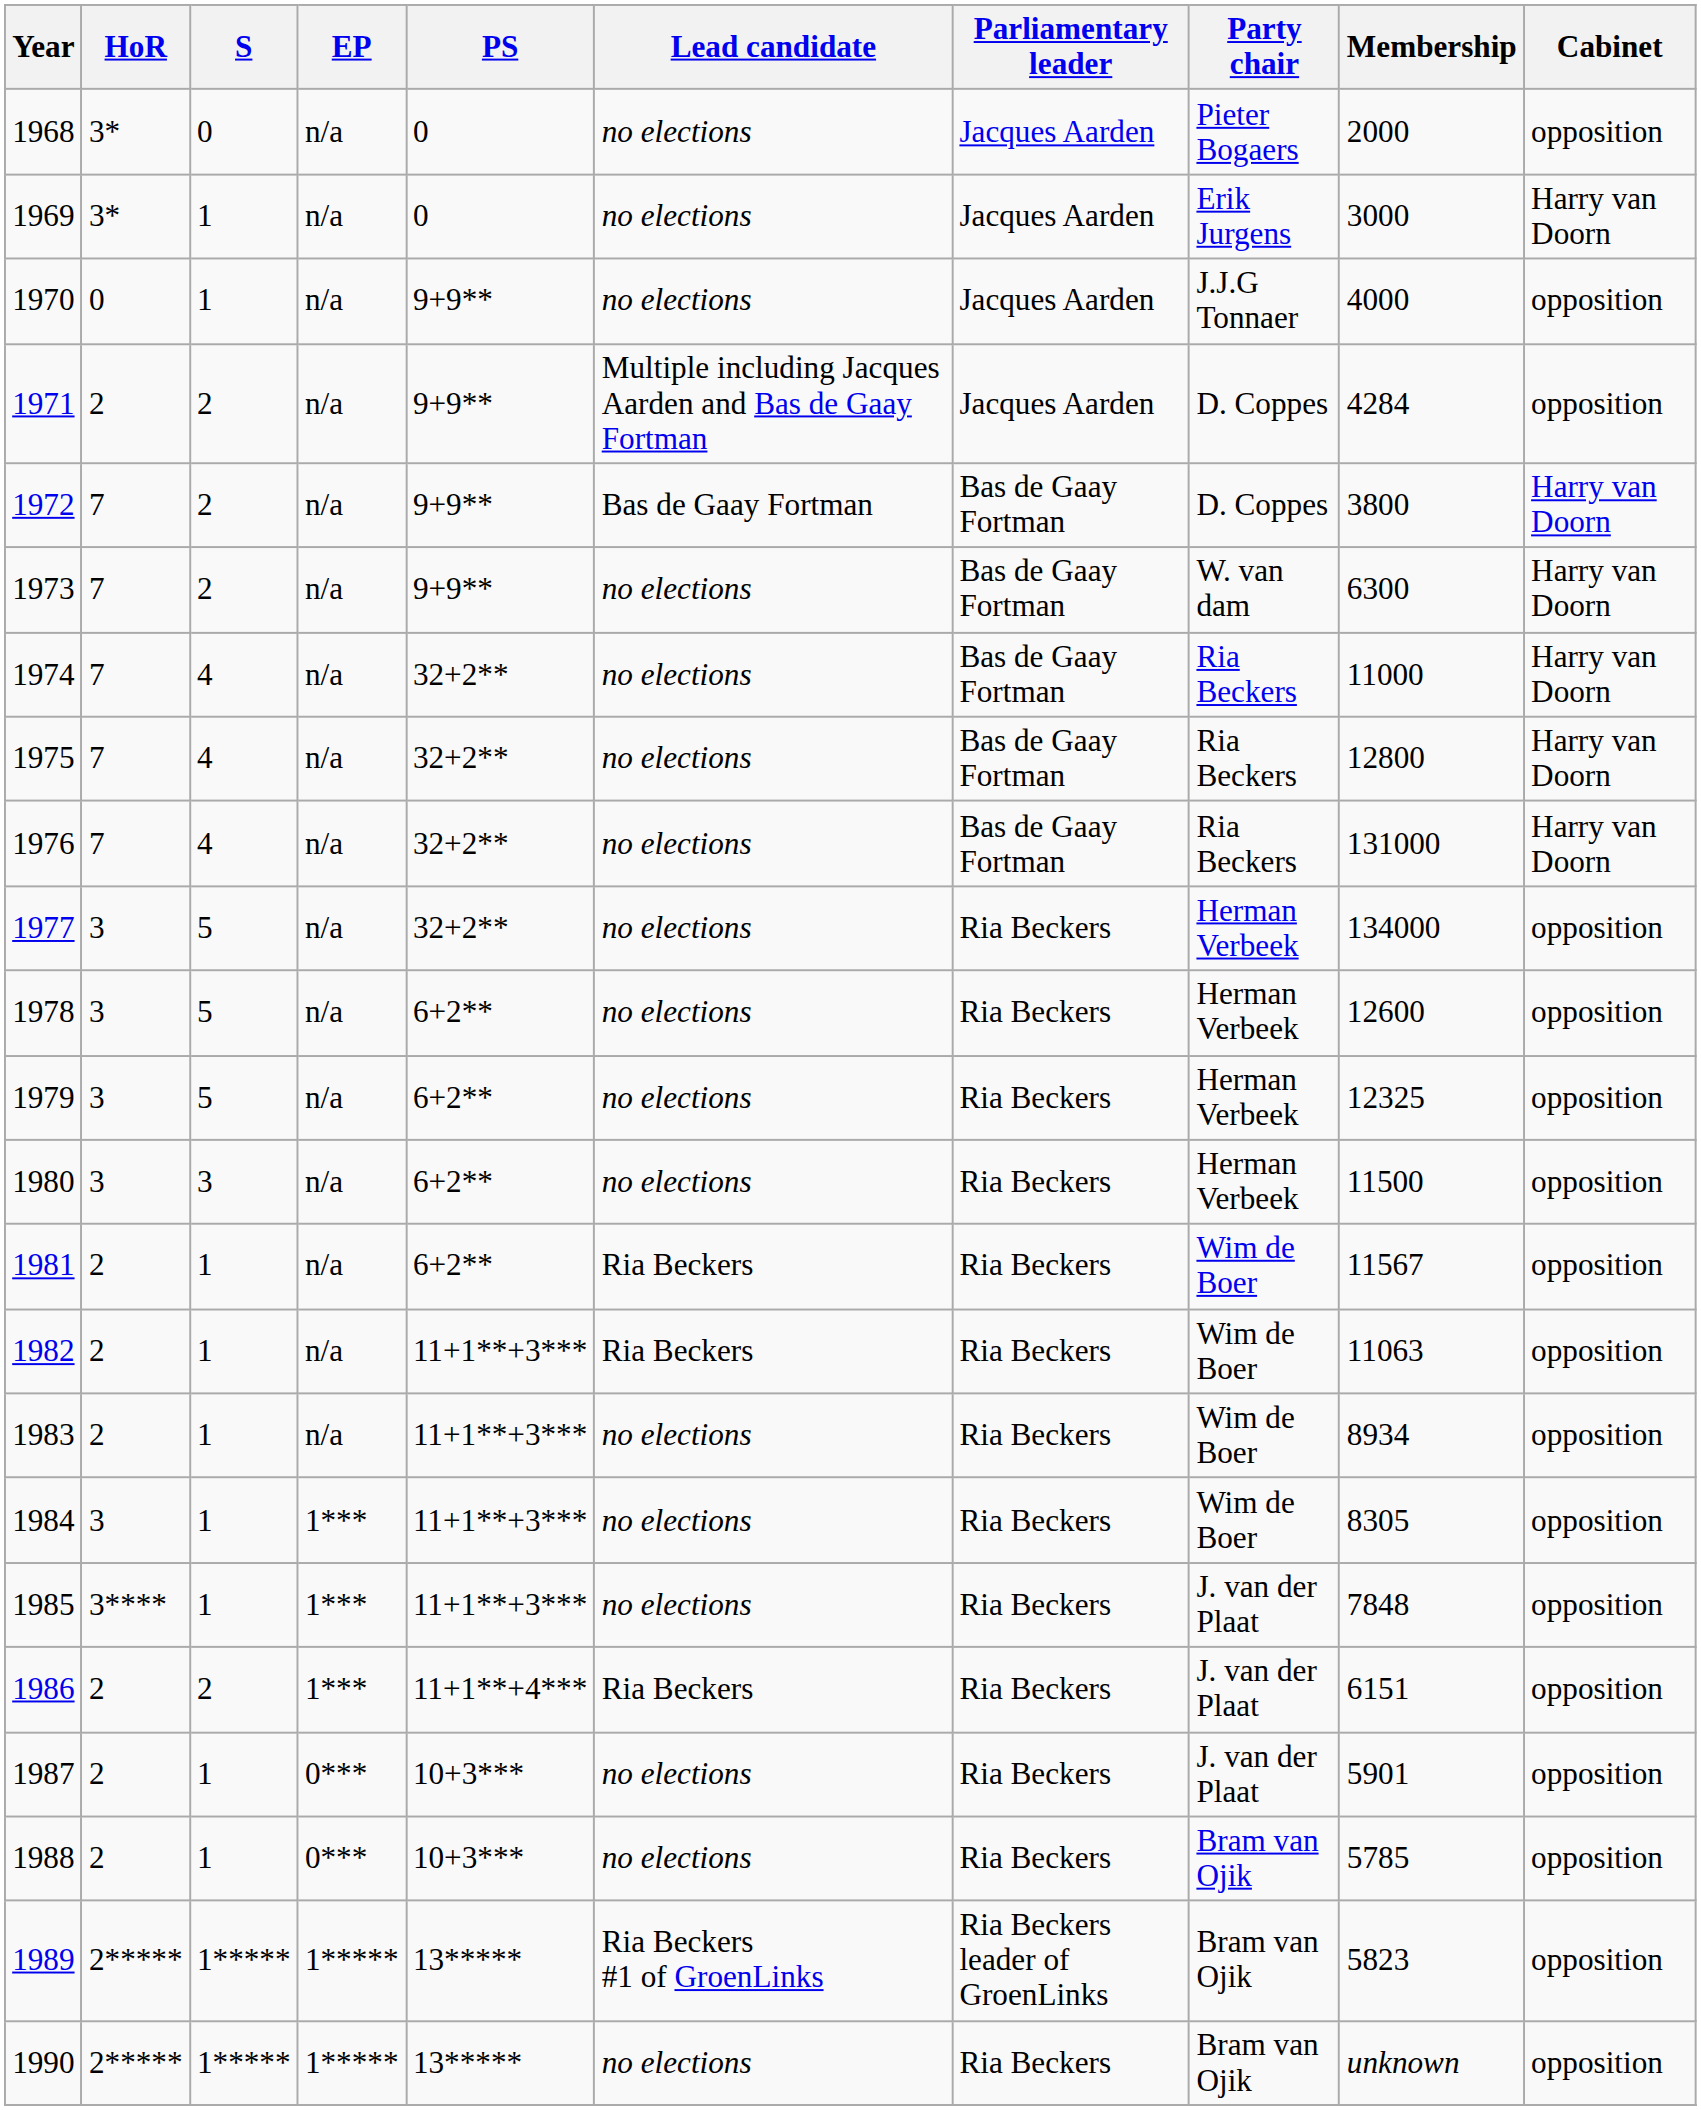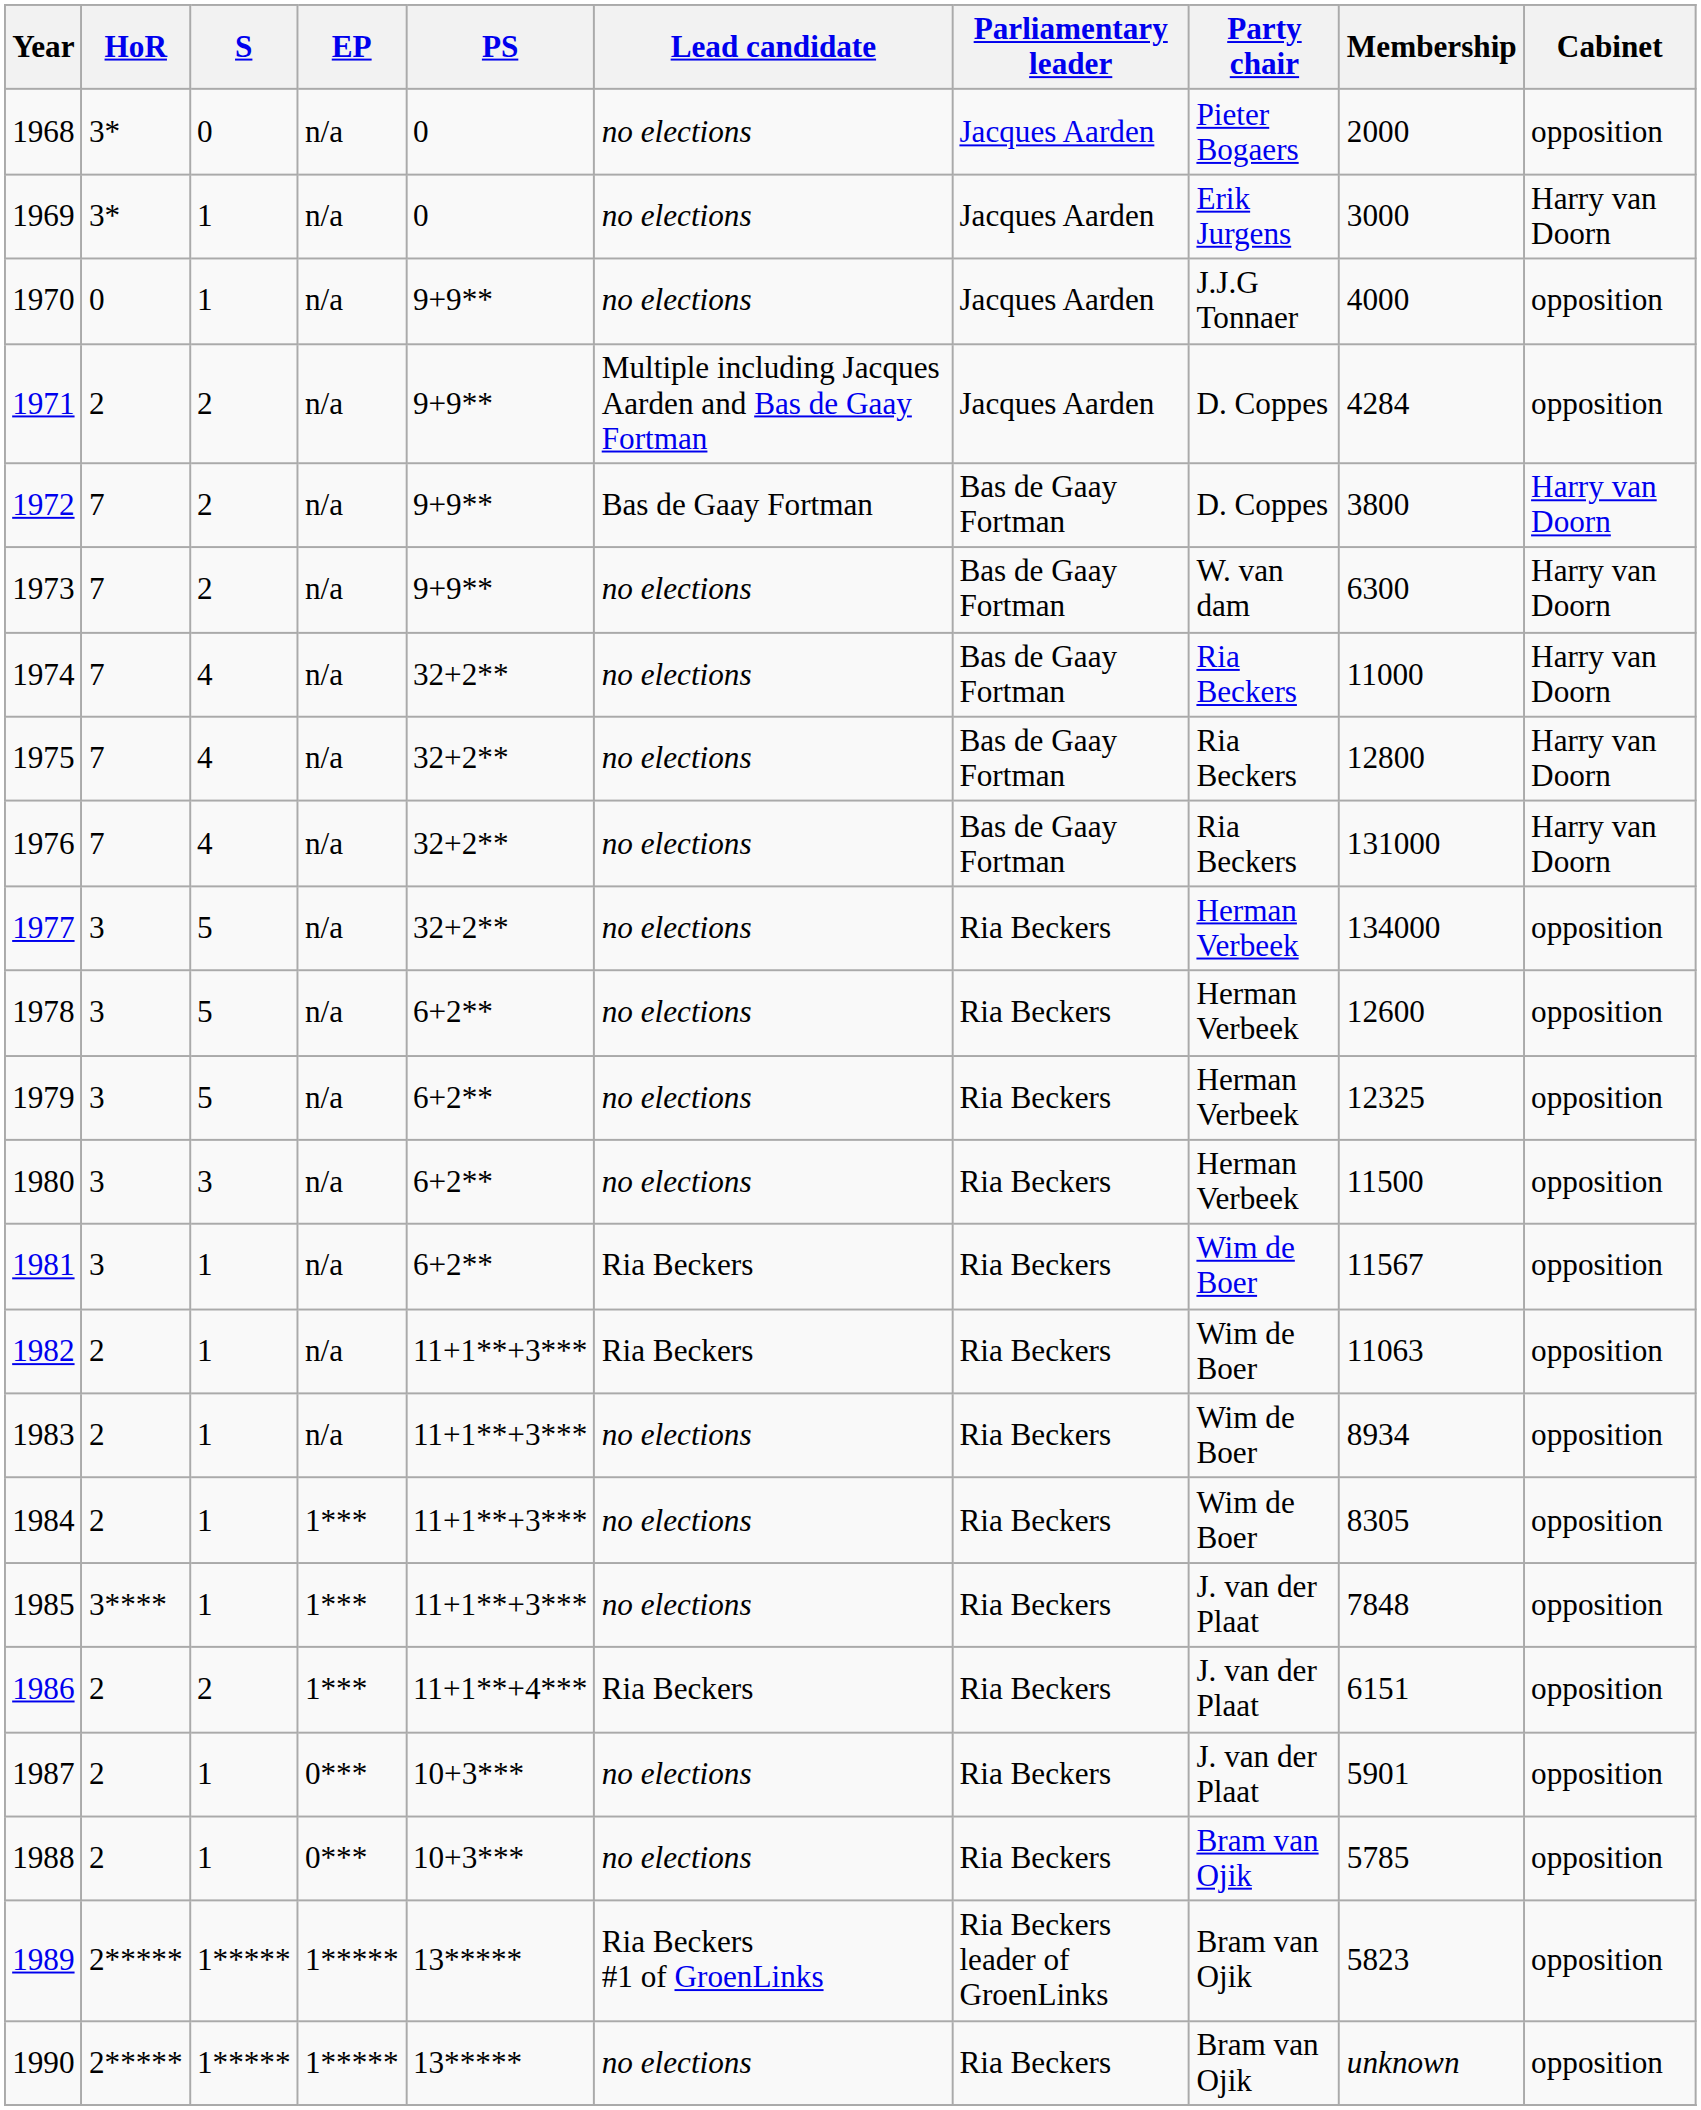 <table class="wikitable">
 <tr>
 <th>Year</th>
 <th><a href='#'>HoR</a></th>
 <th><a href='#'>S</a></th>
 <th><a href='#'>EP</a></th>
 <th><a href='#'>PS</a></th>
 <th><a href='#'>Lead candidate</a></th>
 <th><a href='#'>Parliamentary leader</a></th>
 <th><a href='#'>Party chair</a></th>
 <th>Membership</th>
 <th>Cabinet</th>
 </tr>
 <tr>
 <td>1968</td>
 <td>3*</td>
 <td>0</td>
 <td>n/a</td>
 <td>0</td>
 <td><em>no elections</em></td>
 <td><a href='#'>Jacques Aarden</a></td>
 <td><a href='#'>Pieter Bogaers</a></td>
 <td>2000</td>
 <td>opposition</td>
 </tr>
 <tr>
 <td>1969</td>
 <td>3*</td>
 <td>1</td>
 <td>n/a</td>
 <td>0</td>
 <td><em>no elections</em></td>
 <td>Jacques Aarden</td>
 <td><a href='#'>Erik Jurgens</a></td>
 <td>3000</td>
 <td>Harry van Doorn</td>
 </tr>
 <tr>
 <td>1970</td>
 <td>0</td>
 <td>1</td>
 <td>n/a</td>
 <td>9+9**</td>
 <td><em>no elections</em></td>
 <td>Jacques Aarden</td>
 <td>J.J.G Tonnaer</td>
 <td>4000</td>
 <td>opposition</td>
 </tr>
 <tr>
 <td><a href='#'>1971</a></td>
 <td>2</td>
 <td>2</td>
 <td>n/a</td>
 <td>9+9**</td>
 <td>Multiple including Jacques Aarden and <a href='#'>Bas de Gaay Fortman</a></td>
 <td>Jacques Aarden</td>
 <td>D. Coppes</td>
 <td>4284</td>
 <td>opposition</td>
 </tr>
 <tr>
 <td><a href='#'>1972</a></td>
 <td>7</td>
 <td>2</td>
 <td>n/a</td>
 <td>9+9**</td>
 <td>Bas de Gaay Fortman</td>
 <td>Bas de Gaay Fortman</td>
 <td>D. Coppes</td>
 <td>3800</td>
 <td><a href='#'>Harry van Doorn</a></td>
 </tr>
 <tr>
 <td>1973</td>
 <td>7</td>
 <td>2</td>
 <td>n/a</td>
 <td>9+9**</td>
 <td><em>no elections</em></td>
 <td>Bas de Gaay Fortman</td>
 <td>W. van dam</td>
 <td>6300</td>
 <td>Harry van Doorn</td>
 </tr>
 <tr>
 <td>1974</td>
 <td>7</td>
 <td>4</td>
 <td>n/a</td>
 <td>32+2**</td>
 <td><em>no elections</em></td>
 <td>Bas de Gaay Fortman</td>
 <td><a href='#'>Ria Beckers</a></td>
 <td>11000</td>
 <td>Harry van Doorn</td>
 </tr>
 <tr>
 <td>1975</td>
 <td>7</td>
 <td>4</td>
 <td>n/a</td>
 <td>32+2**</td>
 <td><em>no elections</em></td>
 <td>Bas de Gaay Fortman</td>
 <td>Ria Beckers</td>
 <td>12800</td>
 <td>Harry van Doorn</td>
 </tr>
 <tr>
 <td>1976</td>
 <td>7</td>
 <td>4</td>
 <td>n/a</td>
 <td>32+2**</td>
 <td><em>no elections</em></td>
 <td>Bas de Gaay Fortman</td>
 <td>Ria Beckers</td>
 <td>131000</td>
 <td>Harry van Doorn</td>
 </tr>
 <tr>
 <td><a href='#'>1977</a></td>
 <td>3</td>
 <td>5</td>
 <td>n/a</td>
 <td>32+2**</td>
 <td><em>no elections</em></td>
 <td>Ria Beckers</td>
 <td><a href='#'>Herman Verbeek</a></td>
 <td>134000</td>
 <td>opposition</td>
 </tr>
 <tr>
 <td>1978</td>
 <td>3</td>
 <td>5</td>
 <td>n/a</td>
 <td>6+2**</td>
 <td><em>no elections</em></td>
 <td>Ria Beckers</td>
 <td>Herman Verbeek</td>
 <td>12600</td>
 <td>opposition</td>
 </tr>
 <tr>
 <td>1979</td>
 <td>3</td>
 <td>5</td>
 <td>n/a</td>
 <td>6+2**</td>
 <td><em>no elections</em></td>
 <td>Ria Beckers</td>
 <td>Herman Verbeek</td>
 <td>12325</td>
 <td>opposition</td>
 </tr>
 <tr>
 <td>1980</td>
 <td>3</td>
 <td>3</td>
 <td>n/a</td>
 <td>6+2**</td>
 <td><em>no elections</em></td>
 <td>Ria Beckers</td>
 <td>Herman Verbeek</td>
 <td>11500</td>
 <td>opposition</td>
 </tr>
 <tr>
 <td><a href='#'>1981</a></td>
-<td>2</td>
+<td>3</td>
 <td>1</td>
 <td>n/a</td>
 <td>6+2**</td>
 <td>Ria Beckers</td>
 <td>Ria Beckers</td>
 <td><a href='#'>Wim de Boer</a></td>
 <td>11567</td>
 <td>opposition</td>
 </tr>
 <tr>
 <td><a href='#'>1982</a></td>
 <td>2</td>
 <td>1</td>
 <td>n/a</td>
 <td>11+1**+3***</td>
 <td>Ria Beckers</td>
 <td>Ria Beckers</td>
 <td>Wim de Boer</td>
 <td>11063</td>
 <td>opposition</td>
 </tr>
 <tr>
 <td>1983</td>
 <td>2</td>
 <td>1</td>
 <td>n/a</td>
 <td>11+1**+3***</td>
 <td><em>no elections</em></td>
 <td>Ria Beckers</td>
 <td>Wim de Boer</td>
 <td>8934</td>
 <td>opposition</td>
 </tr>
 <tr>
 <td>1984</td>
-<td>3</td>
+<td>2</td>
 <td>1</td>
 <td>1***</td>
 <td>11+1**+3***</td>
 <td><em>no elections</em></td>
 <td>Ria Beckers</td>
 <td>Wim de Boer</td>
 <td>8305</td>
 <td>opposition</td>
 </tr>
 <tr>
 <td>1985</td>
 <td>3****</td>
 <td>1</td>
 <td>1***</td>
 <td>11+1**+3***</td>
 <td><em>no elections</em></td>
 <td>Ria Beckers</td>
 <td>J. van der Plaat</td>
 <td>7848</td>
 <td>opposition</td>
 </tr>
 <tr>
 <td><a href='#'>1986</a></td>
 <td>2</td>
 <td>2</td>
 <td>1***</td>
 <td>11+1**+4***</td>
 <td>Ria Beckers</td>
 <td>Ria Beckers</td>
 <td>J. van der Plaat</td>
 <td>6151</td>
 <td>opposition</td>
 </tr>
 <tr>
 <td>1987</td>
 <td>2</td>
 <td>1</td>
 <td>0***</td>
 <td>10+3***</td>
 <td><em>no elections</em></td>
 <td>Ria Beckers</td>
 <td>J. van der Plaat</td>
 <td>5901</td>
 <td>opposition</td>
 </tr>
 <tr>
 <td>1988</td>
 <td>2</td>
 <td>1</td>
 <td>0***</td>
 <td>10+3***</td>
 <td><em>no elections</em></td>
 <td>Ria Beckers</td>
 <td><a href='#'>Bram van Ojik</a></td>
 <td>5785</td>
 <td>opposition</td>
 </tr>
 <tr>
 <td><a href='#'>1989</a></td>
 <td>2*****</td>
 <td>1*****</td>
 <td>1*****</td>
 <td>13*****</td>
 <td>Ria Beckers<br>#1 of <a href='#'>GroenLinks</a></td>
 <td>Ria Beckers<br>leader of GroenLinks</td>
 <td>Bram van Ojik</td>
 <td>5823</td>
 <td>opposition</td>
 </tr>
 <tr>
 <td>1990</td>
 <td>2*****</td>
 <td>1*****</td>
 <td>1*****</td>
 <td>13*****</td>
 <td><em>no elections</em></td>
 <td>Ria Beckers</td>
 <td>Bram van Ojik</td>
 <td><em>unknown</em></td>
 <td>opposition</td>
 </tr>
 <tr>
 </tr>
 </table>
